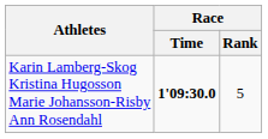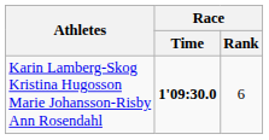 <table class="wikitable" border="1" style="font-size:90%">
 <tr>
 <th rowspan=2>Athletes</th>
 <th colspan=2>Race</th>
 </tr>
 <tr>
 <th>Time</th>
 <th>Rank</th>
 </tr>
 <tr>
 <td><a href='#'>Karin Lamberg-Skog</a><br><a href='#'>Kristina Hugosson</a><br><a href='#'>Marie Johansson-Risby</a><br><a href='#'>Ann Rosendahl</a></td>
 <td align=center><strong>1'09:30.0</strong></td>
-<td align=center>5</td>
+<td align=center>6</td>
 </tr>
 </table>
